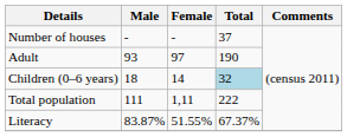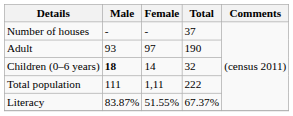 <table class="wikitable sortable">
 <tr>
 <th>Details</th>
 <th>Male</th>
 <th>Female</th>
 <th>Total</th>
 <th>Comments</th>
 </tr>
 <tr>
 <td>Number of houses</td>
 <td>-</td>
 <td>-</td>
 <td>37</td>
 <td rowspan="5">(census 2011) </td>
 </tr>
 <tr>
 <td>Adult</td>
 <td>93</td>
 <td>97</td>
 <td>190</td>
 </tr>
 <tr>
 <td>Children (0–6 years)</td>
-<td>18</td>
+<td><strong>18</strong></td>
 <td>14</td>
-<td style="background: lightblue;">32</td>
+<td>32</td>
 </tr>
 <tr>
 <td>Total population</td>
 <td>111</td>
 <td>1,11</td>
 <td>222</td>
 </tr>
 <tr>
 <td>Literacy</td>
 <td>83.87%</td>
 <td>51.55%</td>
 <td>67.37%</td>
 </tr>
 <tr>
 </tr>
 </table>
